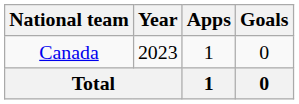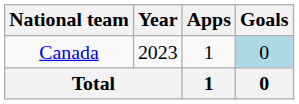 <table class="wikitable" style="text-align:center">
 <tr>
 <th>National team</th>
 <th>Year</th>
 <th>Apps</th>
 <th>Goals</th>
 </tr>
 <tr>
 <td rowspan="1"><a href='#'>Canada</a></td>
 <td>2023</td>
 <td>1</td>
-<td>0</td>
+<td style="background: lightblue;">0</td>
 </tr>
 <tr>
 <th colspan="2">Total</th>
 <th>1</th>
 <th>0</th>
 </tr>
 </table>
